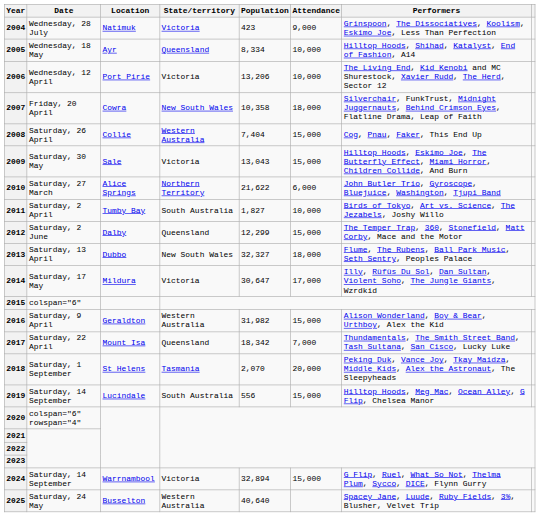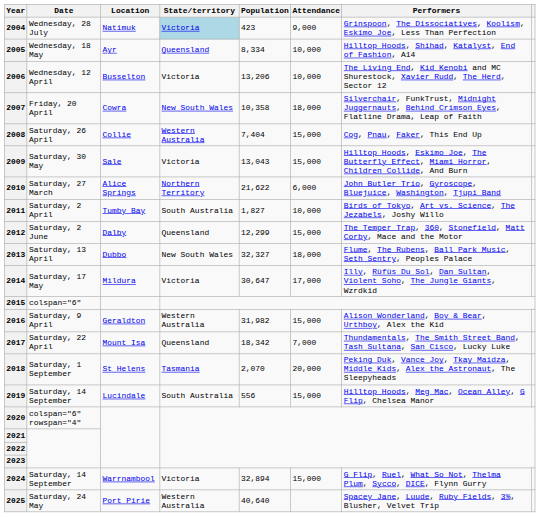 <table class="wikitable">
 <tr>
 <th>Year</th>
 <th>Date</th>
 <th>Location</th>
 <th>State/territory</th>
 <th>Population</th>
 <th>Attendance</th>
 <th>Performers</th>
 <th></th>
 </tr>
 <tr>
 <th>2004</th>
 <td>Wednesday, 28 July</td>
 <td><a href='#'>Natimuk</a></td>
-<td><a href='#'>Victoria</a></td>
+<td style="background: lightblue;"><a href='#'>Victoria</a></td>
 <td>423</td>
 <td>9,000</td>
 <td><a href='#'>Grinspoon</a>, <a href='#'>The Dissociatives</a>, <a href='#'>Koolism</a>, <a href='#'>Eskimo Joe</a>, Less Than Perfection</td>
 <td></td>
 </tr>
 <tr>
 <th>2005</th>
 <td>Wednesday, 18 May</td>
 <td><a href='#'>Ayr</a></td>
 <td><a href='#'>Queensland</a></td>
 <td>8,334</td>
 <td>10,000</td>
 <td><a href='#'>Hilltop Hoods</a>, <a href='#'>Shihad</a>, <a href='#'>Katalyst</a>, <a href='#'>End of Fashion</a>, A14</td>
 <td></td>
 </tr>
 <tr>
 <th>2006</th>
 <td>Wednesday, 12 April</td>
-<td><a href='#'>Port Pirie</a></td>
+<td><a href='#'>Busselton</a></td>
 <td>Victoria</td>
 <td>13,206</td>
 <td>10,000</td>
 <td><a href='#'>The Living End</a>, <a href='#'>Kid Kenobi</a> and MC Shurestock, <a href='#'>Xavier Rudd</a>, <a href='#'>The Herd</a>, Sector 12</td>
 <td></td>
 </tr>
 <tr>
 <th>2007</th>
 <td>Friday, 20 April</td>
 <td><a href='#'>Cowra</a></td>
 <td><a href='#'>New South Wales</a></td>
 <td>10,358</td>
 <td>18,000</td>
 <td><a href='#'>Silverchair</a>, FunkTrust, <a href='#'>Midnight Juggernauts</a>, <a href='#'>Behind Crimson Eyes</a>, Flatline Drama, Leap of Faith</td>
 <td></td>
 </tr>
 <tr>
 <th>2008</th>
 <td>Saturday, 26 April</td>
 <td><a href='#'>Collie</a></td>
 <td><a href='#'>Western Australia</a></td>
 <td>7,404</td>
 <td>15,000</td>
 <td><a href='#'>Cog</a>, <a href='#'>Pnau</a>, <a href='#'>Faker</a>, This End Up</td>
 <td></td>
 </tr>
 <tr>
 <th>2009</th>
 <td>Saturday, 30 May</td>
 <td><a href='#'>Sale</a></td>
 <td>Victoria</td>
 <td>13,043</td>
 <td>15,000</td>
 <td><a href='#'>Hilltop Hoods</a>, <a href='#'>Eskimo Joe</a>, <a href='#'>The Butterfly Effect</a>, <a href='#'>Miami Horror</a>, <a href='#'>Children Collide</a>, And Burn</td>
 <td></td>
 </tr>
 <tr>
 <th>2010</th>
 <td>Saturday, 27 March</td>
 <td><a href='#'>Alice Springs</a></td>
 <td><a href='#'>Northern Territory</a></td>
 <td>21,622</td>
 <td>6,000</td>
 <td><a href='#'>John Butler Trio</a>, <a href='#'>Gyroscope</a>, <a href='#'>Bluejuice</a>, <a href='#'>Washington</a>, <a href='#'>Tjupi Band</a></td>
 <td></td>
 </tr>
 <tr>
 <th>2011</th>
 <td>Saturday, 2 April</td>
 <td><a href='#'>Tumby Bay</a></td>
 <td>South Australia</td>
 <td>1,827</td>
 <td>10,000</td>
 <td><a href='#'>Birds of Tokyo</a>, <a href='#'>Art vs. Science</a>, <a href='#'>The Jezabels</a>, Joshy Willo</td>
 <td></td>
 </tr>
 <tr>
 <th>2012</th>
 <td>Saturday, 2 June</td>
 <td><a href='#'>Dalby</a></td>
 <td>Queensland</td>
 <td>12,299</td>
 <td>15,000</td>
 <td><a href='#'>The Temper Trap</a>, <a href='#'>360</a>, <a href='#'>Stonefield</a>, <a href='#'>Matt Corby</a>, Mace and the Motor</td>
 <td></td>
 </tr>
 <tr>
 <th>2013</th>
 <td>Saturday, 13 April</td>
 <td><a href='#'>Dubbo</a></td>
 <td>New South Wales</td>
 <td>32,327</td>
 <td>18,000</td>
 <td><a href='#'>Flume</a>, <a href='#'>The Rubens</a>, <a href='#'>Ball Park Music</a>, <a href='#'>Seth Sentry</a>, Peoples Palace</td>
 <td></td>
 </tr>
 <tr>
 <th>2014</th>
 <td>Saturday, 17 May</td>
 <td><a href='#'>Mildura</a></td>
 <td>Victoria</td>
 <td>30,647</td>
 <td>17,000</td>
 <td><a href='#'>Illy</a>, <a href='#'>Rüfüs Du Sol</a>, <a href='#'>Dan Sultan</a>, <a href='#'>Violent Soho</a>, <a href='#'>The Jungle Giants</a>, Wzrdkid</td>
 <td></td>
 </tr>
 <tr>
 <th>2015</th>
 <td>colspan="6" </td>
 <td></td>
 </tr>
 <tr>
 <th>2016</th>
 <td>Saturday, 9 April</td>
 <td><a href='#'>Geraldton</a></td>
 <td>Western Australia</td>
 <td>31,982</td>
 <td>15,000</td>
 <td><a href='#'>Alison Wonderland</a>, <a href='#'>Boy & Bear</a>, <a href='#'>Urthboy</a>, Alex the Kid</td>
 <td></td>
 </tr>
 <tr>
 <th>2017</th>
 <td>Saturday, 22 April</td>
 <td><a href='#'>Mount Isa</a></td>
 <td>Queensland</td>
 <td>18,342</td>
 <td>7,000</td>
 <td><a href='#'>Thundamentals</a>, <a href='#'>The Smith Street Band</a>, <a href='#'>Tash Sultana</a>, <a href='#'>San Cisco</a>, Lucky Luke</td>
 <td></td>
 </tr>
 <tr>
 <th>2018</th>
 <td>Saturday, 1 September</td>
 <td><a href='#'>St Helens</a></td>
 <td><a href='#'>Tasmania</a></td>
 <td>2,070</td>
 <td>20,000</td>
 <td><a href='#'>Peking Duk</a>, <a href='#'>Vance Joy</a>, <a href='#'>Tkay Maidza</a>, <a href='#'>Middle Kids</a>, <a href='#'>Alex the Astronaut</a>, The Sleepyheads</td>
 <td></td>
 </tr>
 <tr>
 <th>2019</th>
 <td>Saturday, 14 September</td>
 <td><a href='#'>Lucindale</a></td>
 <td>South Australia</td>
 <td>556</td>
 <td>15,000</td>
 <td><a href='#'>Hilltop Hoods</a>, <a href='#'>Meg Mac</a>, <a href='#'>Ocean Alley</a>, <a href='#'>G Flip</a>, Chelsea Manor</td>
 <td></td>
 </tr>
 <tr>
 <th>2020</th>
 <td>colspan="6" rowspan="4" </td>
 <td rowspan="4"></td>
 </tr>
 <tr>
 <th>2021</th>
 </tr>
 <tr>
 <th>2022</th>
 </tr>
 <tr>
 <th>2023</th>
 </tr>
 <tr>
 <th>2024</th>
 <td>Saturday, 14 September</td>
 <td><a href='#'>Warrnambool</a></td>
 <td>Victoria</td>
 <td>32,894</td>
 <td>15,000</td>
 <td><a href='#'>G Flip</a>, <a href='#'>Ruel</a>, <a href='#'>What So Not</a>, <a href='#'>Thelma Plum</a>, <a href='#'>Sycco</a>, <a href='#'>DICE</a>, Flynn Gurry</td>
 <td></td>
 </tr>
 <tr>
 <th>2025</th>
 <td>Saturday, 24 May</td>
-<td><a href='#'>Busselton</a></td>
+<td><a href='#'>Port Pirie</a></td>
 <td>Western Australia</td>
 <td>40,640</td>
 <td></td>
 <td><a href='#'>Spacey Jane</a>, <a href='#'>Luude</a>, <a href='#'>Ruby Fields</a>, <a href='#'>3%</a>, Blusher, Velvet Trip</td>
 <td></td>
 </tr>
 </table>
